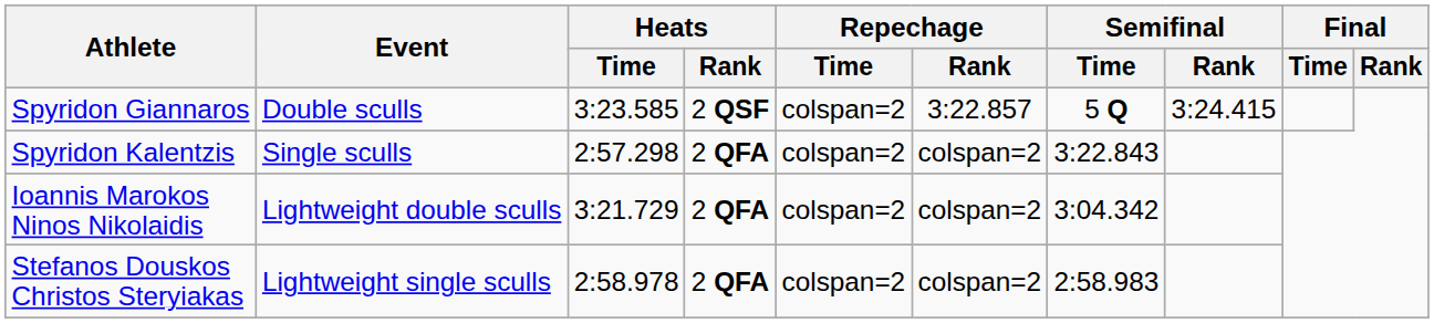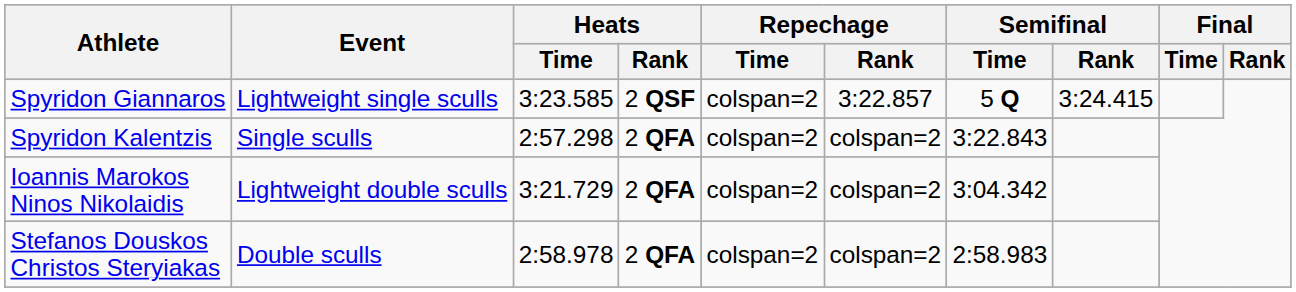 <table class=wikitable style="font-size:90%;">
 <tr>
 <th rowspan=2>Athlete</th>
 <th rowspan=2>Event</th>
 <th colspan=2>Heats</th>
 <th colspan=2>Repechage</th>
 <th colspan=2>Semifinal</th>
 <th colspan=2>Final</th>
 </tr>
 <tr style="font-size:95%">
 <th>Time</th>
 <th>Rank</th>
 <th>Time</th>
 <th>Rank</th>
 <th>Time</th>
 <th>Rank</th>
 <th>Time</th>
 <th>Rank</th>
 </tr>
 <tr align=center>
 <td align=left><a href='#'>Spyridon Giannaros</a></td>
-<td align=left><a href='#'>Double sculls</a></td>
+<td align=left><a href='#'>Lightweight single sculls</a></td>
 <td>3:23.585</td>
 <td>2 <strong>QSF</strong></td>
 <td>colspan=2 </td>
 <td>3:22.857</td>
 <td>5 <strong>Q</strong></td>
 <td>3:24.415</td>
 <td></td>
 </tr>
 <tr align=center>
 <td align=left><a href='#'>Spyridon Kalentzis</a></td>
 <td align=left><a href='#'>Single sculls</a></td>
 <td>2:57.298</td>
 <td>2 <strong>QFA</strong></td>
 <td>colspan=2 </td>
 <td>colspan=2 </td>
 <td>3:22.843</td>
 <td></td>
 </tr>
 <tr align=center>
 <td align=left><a href='#'>Ioannis Marokos</a><br><a href='#'>Ninos Nikolaidis</a></td>
 <td align=left><a href='#'>Lightweight double sculls</a></td>
 <td>3:21.729</td>
 <td>2 <strong>QFA</strong></td>
 <td>colspan=2 </td>
 <td>colspan=2 </td>
 <td>3:04.342</td>
 <td></td>
 </tr>
 <tr align=center>
 <td align=left><a href='#'>Stefanos Douskos</a><br><a href='#'>Christos Steryiakas</a></td>
-<td align=left><a href='#'>Lightweight single sculls</a></td>
+<td align=left><a href='#'>Double sculls</a></td>
 <td>2:58.978</td>
 <td>2 <strong>QFA</strong></td>
 <td>colspan=2 </td>
 <td>colspan=2 </td>
 <td>2:58.983</td>
 <td></td>
 </tr>
 </table>
